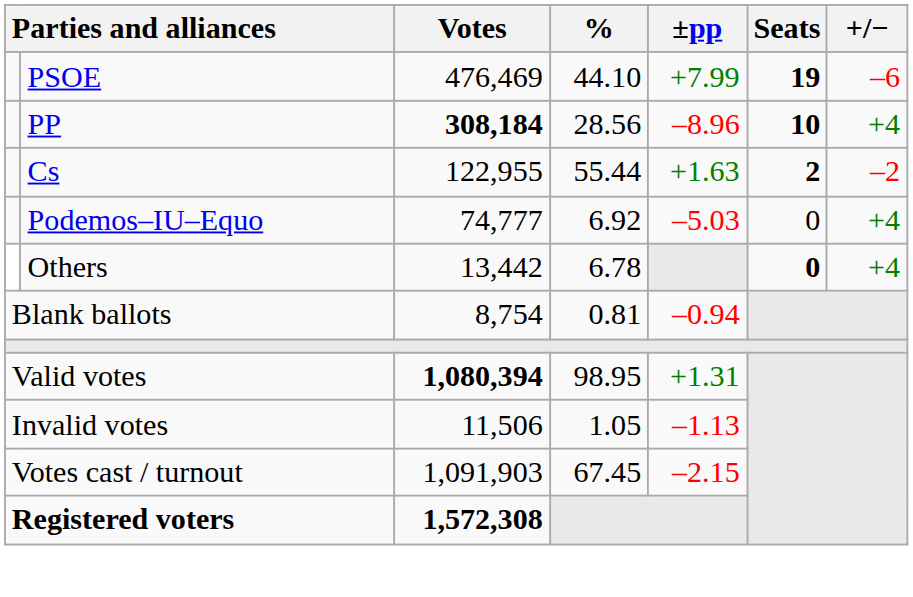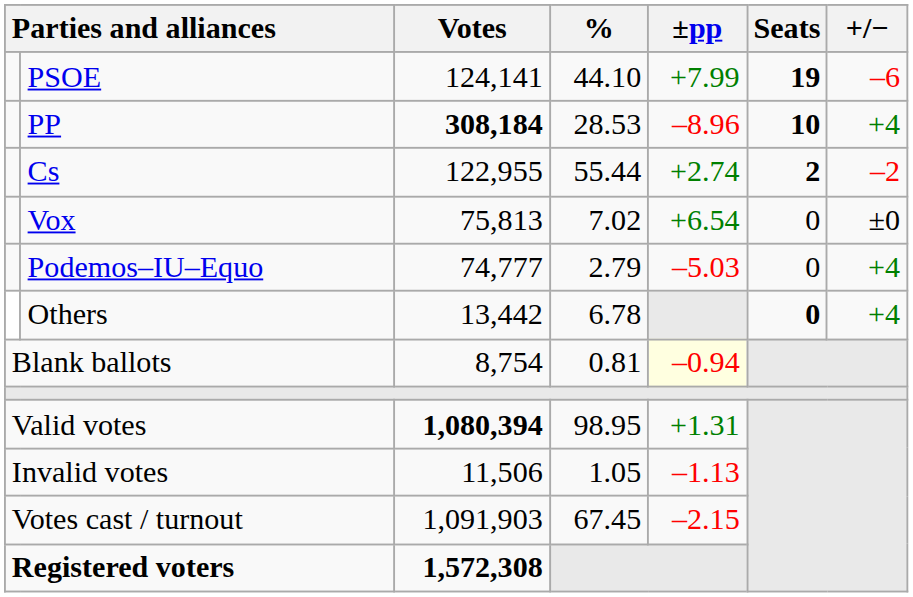 <table class="wikitable" style="text-align:right;">
 <tr>
 <th style="text-align:left;" colspan="2" width="200">Parties and alliances</th>
 <th width="75">Votes</th>
 <th width="45">%</th>
 <th width="45">±<a href='#'>pp</a></th>
 <th width="35">Seats</th>
 <th width="35">+/−</th>
 </tr>
 <tr>
 <td width="1" style="color:inherit;background:"></td>
 <td align="left"><a href='#'>PSOE</a></td>
-<td>476,469</td>
+<td>124,141</td>
 <td>44.10</td>
 <td style="color:green;">+7.99</td>
 <td><strong>19</strong></td>
 <td style="color:red;">–6</td>
 </tr>
 <tr>
 <td style="color:inherit;background:"></td>
 <td align="left"><a href='#'>PP</a></td>
 <td><strong>308,184</strong></td>
-<td>28.56</td>
+<td>28.53</td>
 <td style="color:red;">–8.96</td>
 <td><strong>10</strong></td>
 <td style="color:green;">+4</td>
 </tr>
 <tr>
 <td style="color:inherit;background:"></td>
 <td align="left"><a href='#'>Cs</a></td>
 <td>122,955</td>
 <td>55.44</td>
-<td style="color:green;">+1.63</td>
+<td style="color:green;">+2.74</td>
 <td><strong>2</strong></td>
 <td style="color:red;">–2</td>
 </tr>
 <tr>
 <td style="color:inherit;background:"></td>
+<td align="left"><a href='#'>Vox</a></td>
+<td>75,813</td>
+<td>7.02</td>
+<td style="color:green;">+6.54</td>
+<td>0</td>
+<td>±0</td>
+</tr>
+<tr>
+<td style="color:inherit;background:"></td>
 <td align="left"><a href='#'>Podemos–IU–Equo</a></td>
 <td>74,777</td>
-<td>6.92</td>
+<td>2.79</td>
 <td style="color:red;">–5.03</td>
 <td>0</td>
 <td style="color:green;">+4</td>
 </tr>
 <tr>
 <td bgcolor="white"></td>
 <td align="left">Others</td>
 <td>13,442</td>
 <td>6.78</td>
 <td bgcolor="#E9E9E9"></td>
 <td><strong>0</strong></td>
 <td style="color:green;">+4</td>
 </tr>
 <tr>
 <td align="left" colspan="2">Blank ballots</td>
 <td>8,754</td>
 <td>0.81</td>
-<td style="color:red;">–0.94</td>
+<td style="background: lightyellow; color:red;">–0.94</td>
 <td bgcolor="#E9E9E9" colspan="2"></td>
 </tr>
 <tr>
 <td colspan="7" bgcolor="#E9E9E9"></td>
 </tr>
 <tr>
 <td align="left" colspan="2">Valid votes</td>
 <td><strong>1,080,394</strong></td>
 <td>98.95</td>
 <td style="color:green;">+1.31</td>
 <td bgcolor="#E9E9E9" colspan="2" rowspan="4"></td>
 </tr>
 <tr>
 <td align="left" colspan="2">Invalid votes</td>
 <td>11,506</td>
 <td>1.05</td>
 <td style="color:red;">–1.13</td>
 </tr>
 <tr>
 <td align="left" colspan="2">Votes cast / turnout</td>
 <td>1,091,903</td>
 <td>67.45</td>
 <td style="color:red;">–2.15</td>
 </tr>
 <tr style="font-weight:bold;">
 <td align="left" colspan="2">Registered voters</td>
 <td>1,572,308</td>
 <td bgcolor="#E9E9E9" colspan="2"></td>
 </tr>
 </table>
